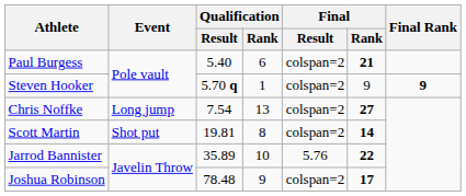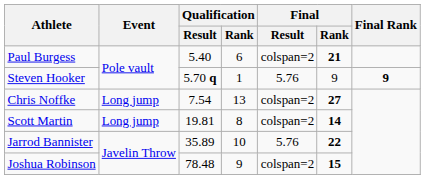 <table class="wikitable" style="font-size:90%">
 <tr>
 <th rowspan="2">Athlete</th>
 <th rowspan="2">Event</th>
 <th colspan="2">Qualification</th>
 <th colspan="2">Final</th>
 <th colspan="2" rowspan="2">Final Rank</th>
 </tr>
 <tr style="font-size:95%">
 <th>Result</th>
 <th>Rank</th>
 <th>Result</th>
 <th>Rank</th>
 </tr>
 <tr align=center>
 <td align=left><a href='#'>Paul Burgess</a></td>
 <td rowspan="2" align=left><a href='#'>Pole vault</a></td>
 <td>5.40</td>
 <td>6</td>
 <td>colspan=2 </td>
 <td><strong>21</strong></td>
 </tr>
 <tr align=center>
 <td align=left><a href='#'>Steven Hooker</a></td>
 <td>5.70 <strong>q</strong></td>
 <td>1</td>
-<td>colspan=2 </td>
+<td>5.76</td>
 <td>9</td>
 <td><strong>9</strong></td>
 </tr>
 <tr align=center>
 <td align=left><a href='#'>Chris Noffke</a></td>
 <td align=left><a href='#'>Long jump</a></td>
 <td>7.54</td>
 <td>13</td>
 <td>colspan=2 </td>
 <td><strong>27</strong></td>
 </tr>
 <tr align=center>
 <td align=left><a href='#'>Scott Martin</a></td>
-<td align=left><a href='#'>Shot put</a></td>
+<td align=left><a href='#'>Long jump</a></td>
 <td>19.81</td>
 <td>8</td>
 <td>colspan=2 </td>
 <td><strong>14</strong></td>
 </tr>
 <tr align=center>
 <td align=left><a href='#'>Jarrod Bannister</a></td>
 <td rowspan="2" align=left><a href='#'>Javelin Throw</a></td>
 <td>35.89</td>
 <td>10</td>
 <td>5.76</td>
 <td><strong>22</strong></td>
 </tr>
 <tr align=center>
 <td align=left><a href='#'>Joshua Robinson</a></td>
 <td>78.48</td>
 <td>9</td>
 <td>colspan=2 </td>
-<td><strong>17</strong></td>
+<td><strong>15</strong></td>
 </tr>
 </table>
